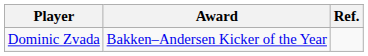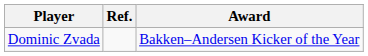 <table class="wikitable sortable sortable" style="text-align: center">
 <tr align=center>
 <th>Player</th>
+<th>Ref.</th>
 <th>Award</th>
-<th>Ref.</th>
 </tr>
 <tr>
 <td><a href='#'>Dominic Zvada</a></td>
+<td></td>
 <td><a href='#'>Bakken–Andersen Kicker of the Year</a></td>
-<td></td>
 </tr>
 </table>
